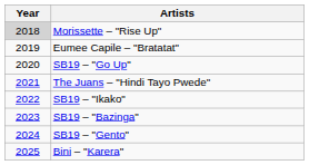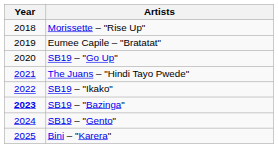 <table class="wikitable sortable"  style="width:50%;">
 <tr>
 <th width=5%  scope="col">Year</th>
 <th width=40%  scope="col">Artists</th>
 </tr>
 <tr>
-<td align="center" style="background: lightgrey;">2018</td>
+<td align="center">2018</td>
 <td><a href='#'>Morissette</a> – "Rise Up"</td>
 </tr>
 <tr>
 <td align="center">2019</td>
 <td>Eumee Capile – "Bratatat"</td>
 </tr>
 <tr>
 <td align="center">2020</td>
 <td><a href='#'>SB19</a> – "<a href='#'>Go Up</a>"</td>
 </tr>
 <tr>
 <td align="center"><a href='#'>2021</a></td>
 <td><a href='#'>The Juans</a> – "Hindi Tayo Pwede"</td>
 </tr>
 <tr>
 <td align="center"><a href='#'>2022</a></td>
 <td><a href='#'>SB19</a> – "Ikako"</td>
 </tr>
 <tr>
-<td align="center"><a href='#'>2023</a></td>
+<td align="center"><strong><a href='#'>2023</a></strong></td>
 <td><a href='#'>SB19</a>  – "<a href='#'>Bazinga</a>"</td>
 </tr>
 <tr>
 <td align="center"><a href='#'>2024</a></td>
 <td><a href='#'>SB19</a>  – "<a href='#'>Gento</a>"</td>
 </tr>
 <tr>
 <td align="center"><a href='#'>2025</a></td>
 <td><a href='#'>Bini</a> – "<a href='#'>Karera</a>"</td>
 </tr>
 </table>
